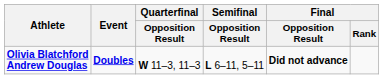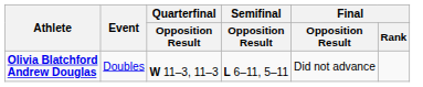 <table class=wikitable style=font-size:90%;text-align:center>
 <tr>
 <th rowspan=2>Athlete</th>
 <th rowspan=2>Event</th>
 <th>Quarterfinal</th>
 <th>Semifinal</th>
 <th colspan=2>Final</th>
 </tr>
 <tr style=font-size:95%>
 <th>Opposition<br>Result</th>
 <th>Opposition<br>Result</th>
 <th>Opposition<br>Result</th>
 <th>Rank</th>
 </tr>
 <tr>
 <td align=left><strong><a href='#'>Olivia Blatchford</a><br><a href='#'>Andrew Douglas</a></strong></td>
-<td align=left><strong><a href='#'>Doubles</a></strong></td>
+<td align=left><a href='#'>Doubles</a></td>
 <td><br><strong>W</strong> 11–3, 11–3</td>
 <td><br><strong>L</strong> 6–11, 5–11</td>
-<td><strong>Did not advance</strong></td>
+<td>Did not advance</td>
 <td></td>
 </tr>
 </table>
